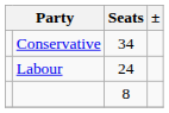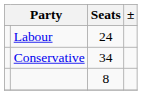 <table class="sortable wikitable">
 <tr>
 <th colspan="2">Party</th>
 <th>Seats</th>
 <th>±</th>
 </tr>
 <tr>
 <td style="background-color: "></td>
-<td><a href='#'>Conservative</a></td>
-<td align="center">34</td>
+<td><a href='#'>Labour</a></td>
+<td align="center">24</td>
 <td align="center"></td>
 </tr>
 <tr>
 <td style="background-color: "></td>
-<td><a href='#'>Labour</a></td>
-<td align="center">24</td>
+<td><a href='#'>Conservative</a></td>
+<td align="center">34</td>
 <td align="center"></td>
 </tr>
 <tr>
 <td style="background-color: "></td>
 <td><a href='#'></a></td>
 <td align="center">8</td>
 <td align="center"></td>
 </tr>
 <tr>
 </tr>
 </table>
